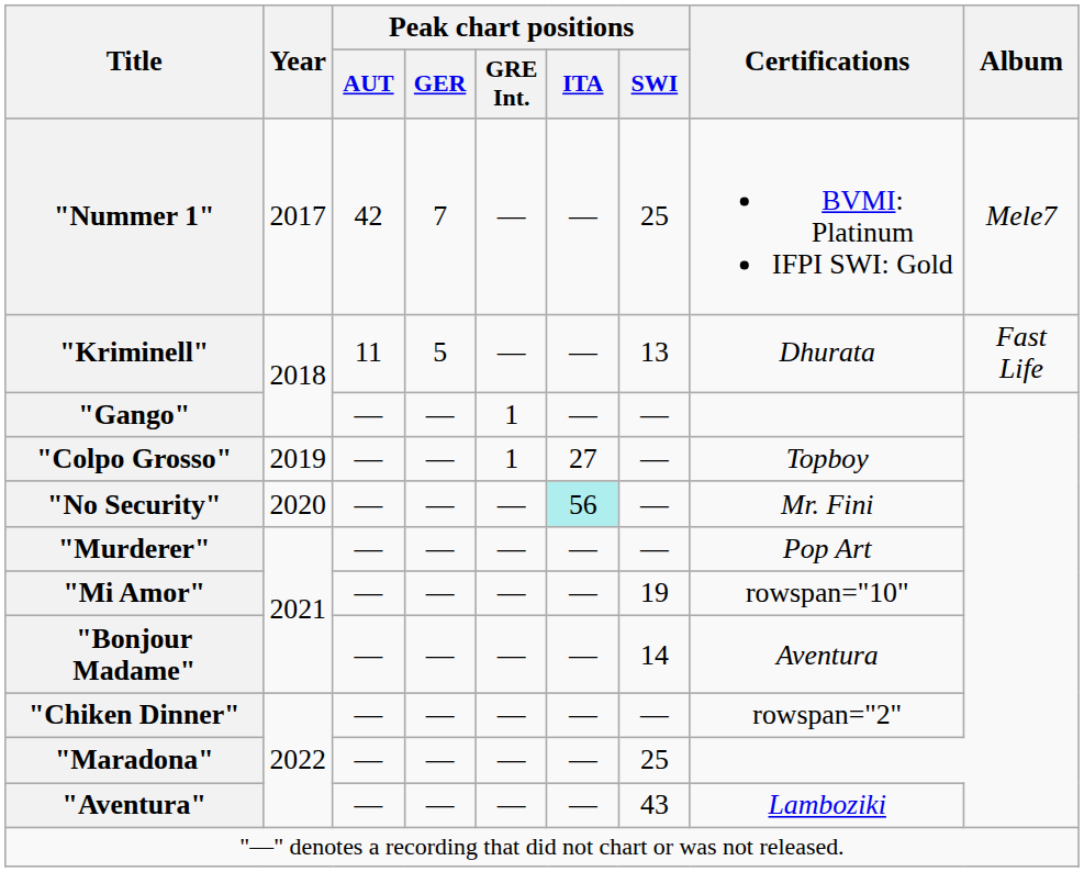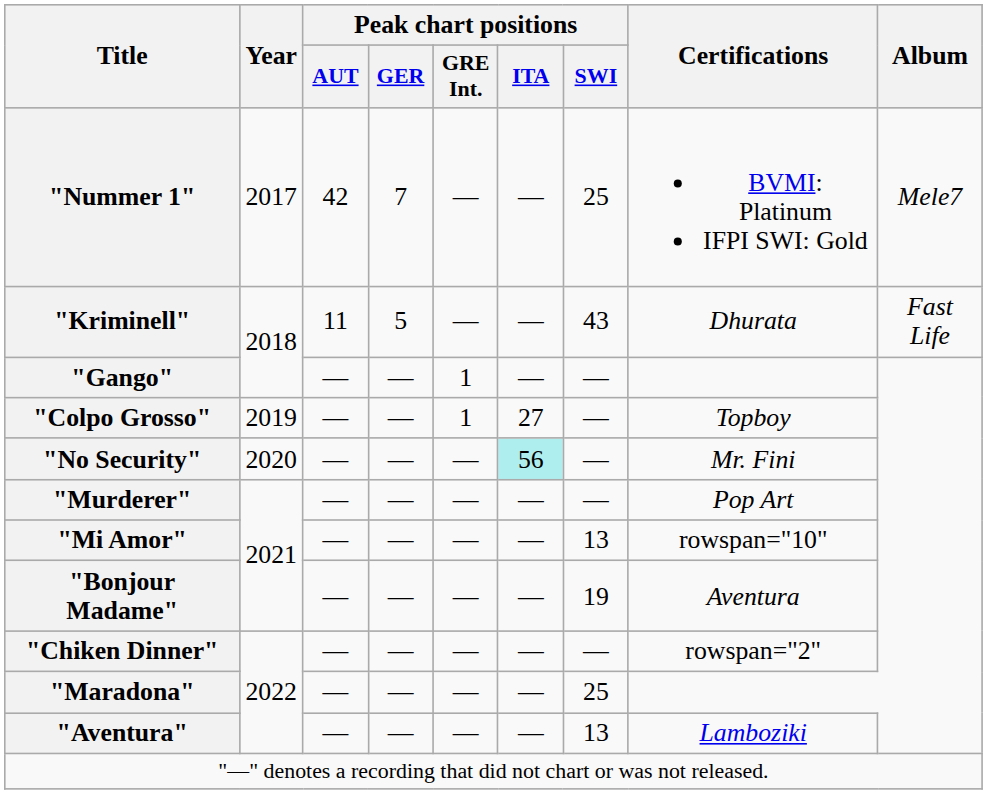 <table class="wikitable plainrowheaders" style="text-align:center;">
 <tr>
 <th scope="col" rowspan="2">Title</th>
 <th scope="col" rowspan="2">Year</th>
 <th scope="col" colspan="5">Peak chart positions</th>
 <th scope="col" rowspan="2">Certifications</th>
 <th scope="col" rowspan="2">Album</th>
 </tr>
 <tr>
 <th style="width:2.5em; font-size:85%"><a href='#'>AUT</a><br></th>
 <th style="width:2.5em; font-size:85%"><a href='#'>GER</a><br></th>
 <th style="width:2.5em; font-size:85%">GRE<br>Int.<br></th>
 <th style="width:2.5em; font-size:85%"><a href='#'>ITA</a><br></th>
 <th style="width:2.5em; font-size:85%"><a href='#'>SWI</a><br></th>
 </tr>
 <tr>
 <th scope="row">"Nummer 1"<br></th>
 <td>2017</td>
 <td>42</td>
 <td>7</td>
 <td>—</td>
 <td>—</td>
 <td>25</td>
 <td><br><ul><li><a href='#'>BVMI</a>: Platinum</li><li>IFPI SWI: Gold</li></ul></td>
 <td><em>Mele7</em></td>
 </tr>
 <tr>
 <th scope="row">"Kriminell"<br></th>
 <td rowspan="2">2018</td>
 <td>11</td>
 <td>5</td>
 <td>—</td>
 <td>—</td>
-<td>13</td>
+<td>43</td>
 <td><em>Dhurata</em></td>
 <td><em>Fast Life</em></td>
 </tr>
 <tr>
 <th scope="row">"Gango"<br></th>
 <td>—</td>
 <td>—</td>
 <td>1</td>
 <td>—</td>
 <td>—</td>
 <td></td>
 </tr>
 <tr>
 <th scope="row">"Colpo Grosso"<br></th>
 <td>2019</td>
 <td>—</td>
 <td>—</td>
 <td>1</td>
 <td>27</td>
 <td>—</td>
 <td><em>Topboy</em></td>
 </tr>
 <tr>
 <th scope="row">"No Security"<br></th>
 <td>2020</td>
 <td>—</td>
 <td>—</td>
 <td>—</td>
 <td style="background: paleturquoise;">56</td>
 <td>—</td>
 <td><em>Mr. Fini</em></td>
 </tr>
 <tr>
 <th scope="row">"Murderer"<br></th>
 <td rowspan="3">2021</td>
 <td>—</td>
 <td>—</td>
 <td>—</td>
 <td>—</td>
 <td>—</td>
 <td><em>Pop Art</em></td>
 </tr>
 <tr>
 <th scope="row">"Mi Amor"<br></th>
 <td>—</td>
 <td>—</td>
 <td>—</td>
 <td>—</td>
-<td>19</td>
+<td>13</td>
 <td>rowspan="10" </td>
 </tr>
 <tr>
 <th scope="row">"Bonjour Madame"<br></th>
 <td>—</td>
 <td>—</td>
 <td>—</td>
 <td>—</td>
-<td>14</td>
+<td>19</td>
 <td><em>Aventura</em></td>
 </tr>
 <tr>
 <th scope="row">"Chiken Dinner"<br></th>
 <td rowspan="3">2022</td>
 <td>—</td>
 <td>—</td>
 <td>—</td>
 <td>—</td>
 <td>—</td>
 <td>rowspan="2" </td>
 </tr>
 <tr>
 <th scope="row">"Maradona"<br></th>
 <td>—</td>
 <td>—</td>
 <td>—</td>
 <td>—</td>
 <td>25</td>
 </tr>
 <tr>
 <th scope="row">"Aventura"<br></th>
 <td>—</td>
 <td>—</td>
 <td>—</td>
 <td>—</td>
-<td>43</td>
+<td>13</td>
 <td><em><a href='#'>Lamboziki</a></em></td>
 </tr>
 <tr>
 <td style="font-size:85%" colspan=13>"—" denotes a recording that did not chart or was not released.</td>
 </tr>
 </table>
